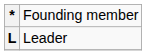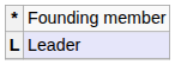 <table class="wikitable">
 <tr>
 <th>*</th>
 <td>Founding member</td>
 </tr>
 <tr>
 <th><strong>L</strong></th>
-<td>Leader</td>
+<td style="background: lavender;">Leader</td>
 </tr>
 <tr>
 </tr>
 </table>
